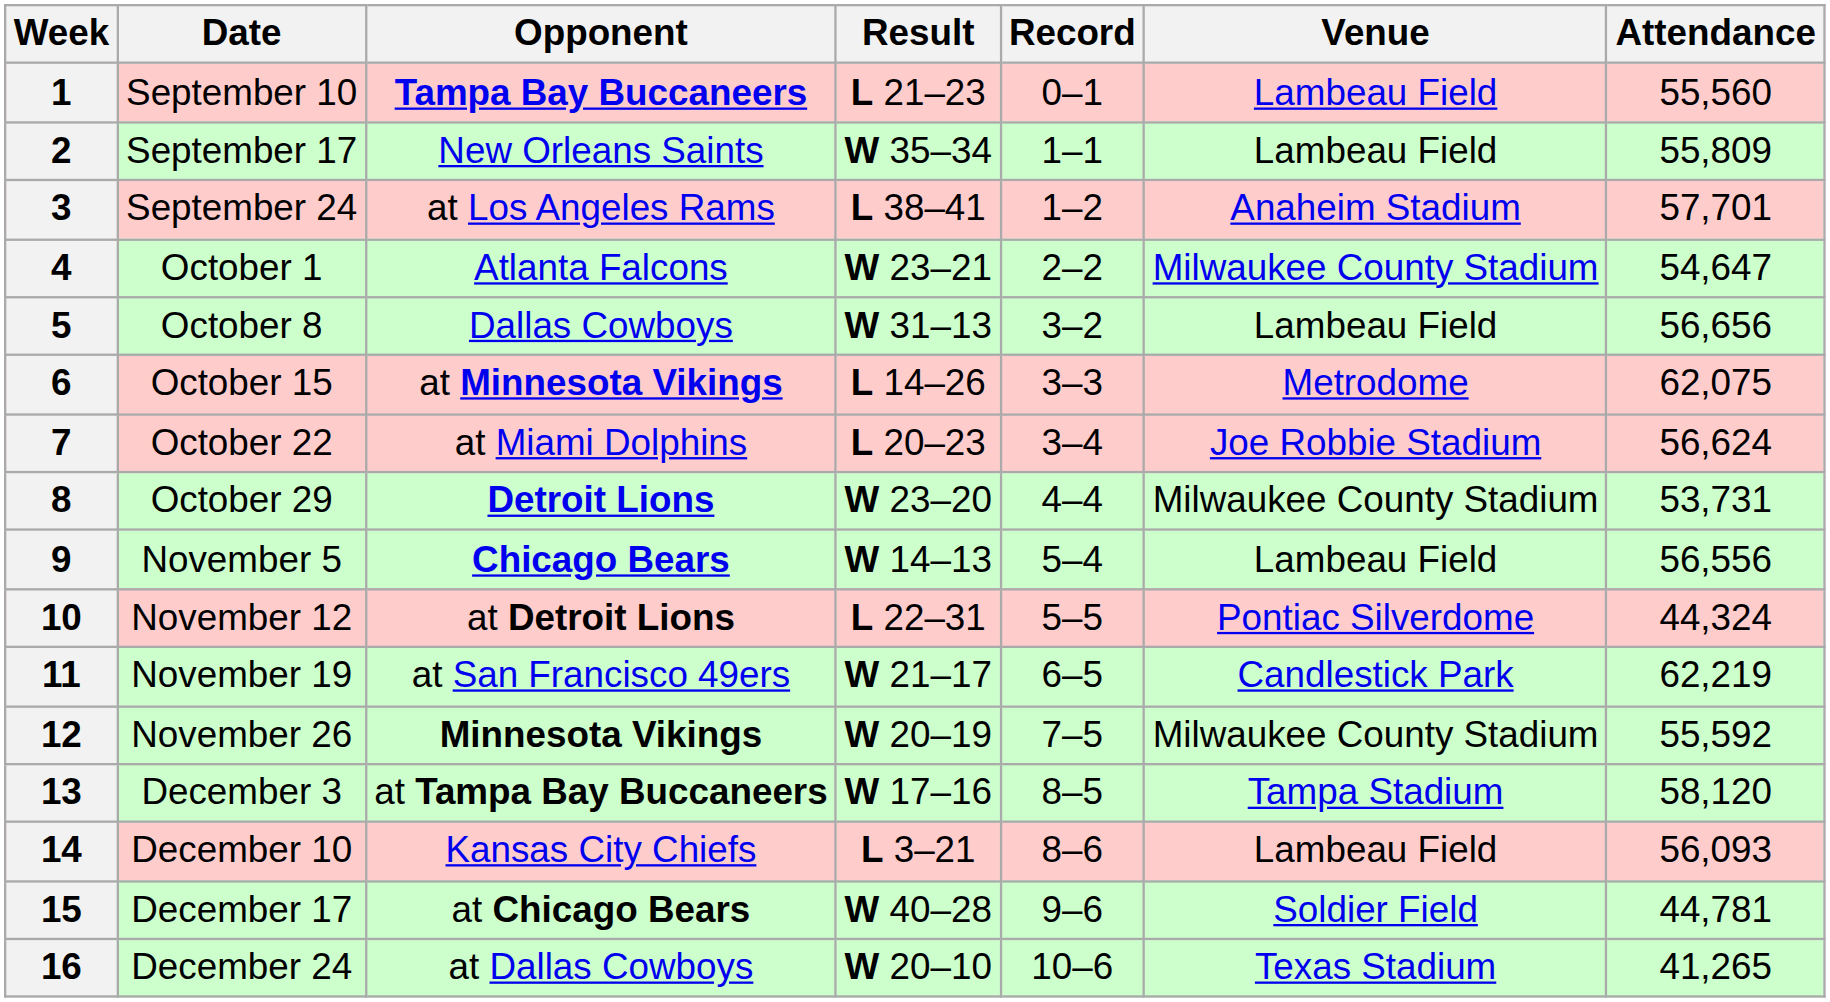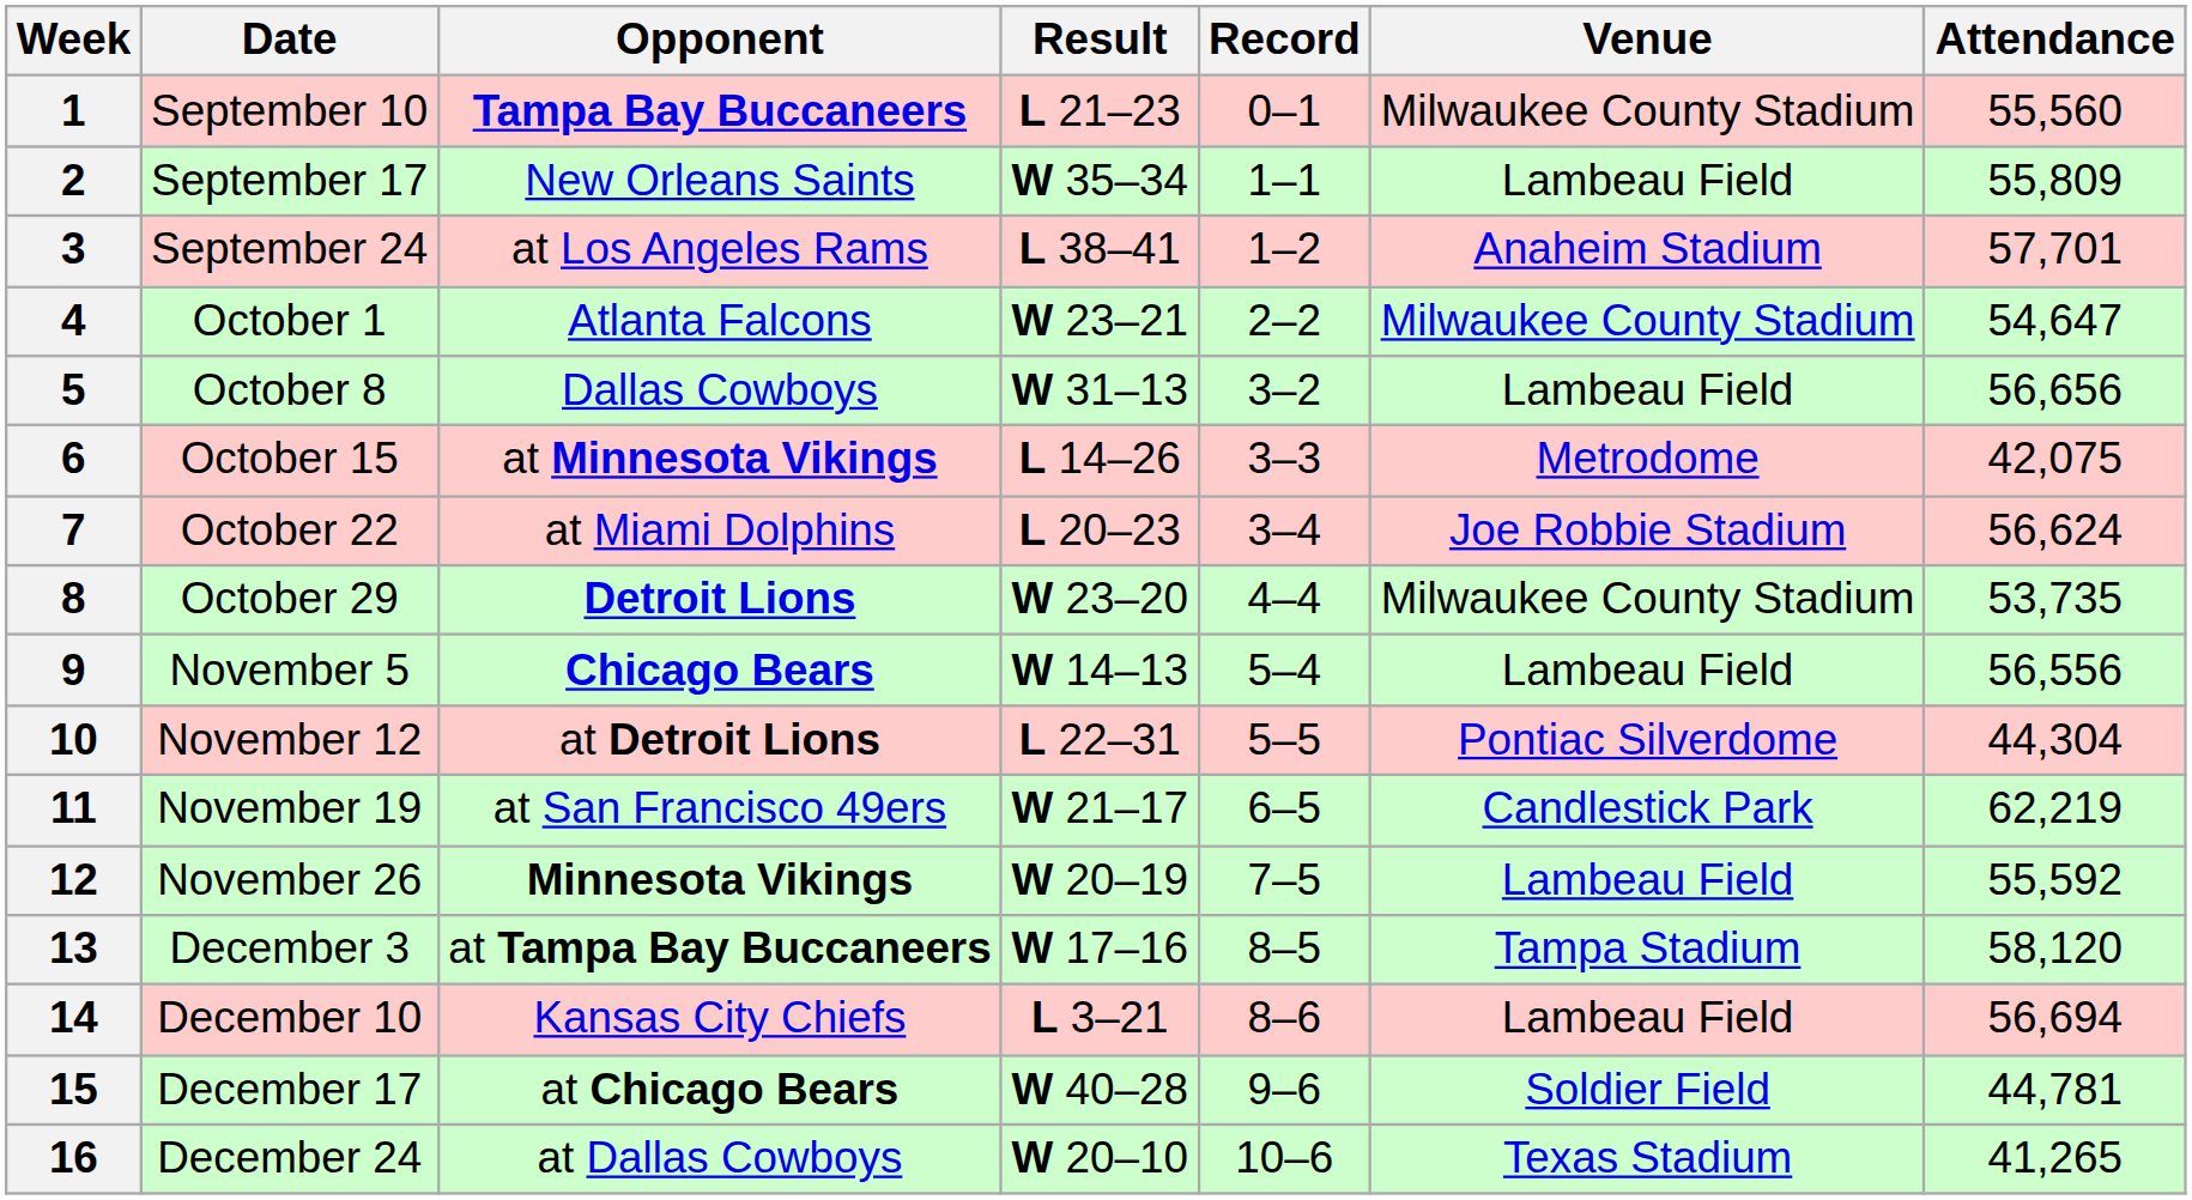 <table class="wikitable" style="text-align:center">
 <tr>
 <th>Week</th>
 <th>Date</th>
 <th>Opponent</th>
 <th>Result</th>
 <th>Record</th>
 <th>Venue</th>
 <th>Attendance</th>
 </tr>
 <tr style="background:#fcc">
 <th>1</th>
 <td>September 10</td>
 <td><strong><a href='#'>Tampa Bay Buccaneers</a></strong></td>
 <td><strong>L</strong> 21–23</td>
 <td>0–1</td>
-<td><a href='#'>Lambeau Field</a></td>
+<td>Milwaukee County Stadium</td>
 <td>55,560</td>
 </tr>
 <tr style="background:#cfc">
 <th>2</th>
 <td>September 17</td>
 <td><a href='#'>New Orleans Saints</a></td>
 <td><strong>W</strong> 35–34</td>
 <td>1–1</td>
 <td>Lambeau Field</td>
 <td>55,809</td>
 </tr>
 <tr style="background:#fcc">
 <th>3</th>
 <td>September 24</td>
 <td>at <a href='#'>Los Angeles Rams</a></td>
 <td><strong>L</strong> 38–41</td>
 <td>1–2</td>
 <td><a href='#'>Anaheim Stadium</a></td>
 <td>57,701</td>
 </tr>
 <tr style="background:#cfc">
 <th>4</th>
 <td>October 1</td>
 <td><a href='#'>Atlanta Falcons</a></td>
 <td><strong>W</strong> 23–21</td>
 <td>2–2</td>
 <td><a href='#'>Milwaukee County Stadium</a></td>
 <td>54,647</td>
 </tr>
 <tr style="background:#cfc">
 <th>5</th>
 <td>October 8</td>
 <td><a href='#'>Dallas Cowboys</a></td>
 <td><strong>W</strong> 31–13</td>
 <td>3–2</td>
 <td>Lambeau Field</td>
 <td>56,656</td>
 </tr>
 <tr style="background:#fcc">
 <th>6</th>
 <td>October 15</td>
 <td>at <strong><a href='#'>Minnesota Vikings</a></strong></td>
 <td><strong>L</strong> 14–26</td>
 <td>3–3</td>
 <td><a href='#'>Metrodome</a></td>
-<td>62,075</td>
+<td>42,075</td>
 </tr>
 <tr style="background:#fcc">
 <th>7</th>
 <td>October 22</td>
 <td>at <a href='#'>Miami Dolphins</a></td>
 <td><strong>L</strong> 20–23</td>
 <td>3–4</td>
 <td><a href='#'>Joe Robbie Stadium</a></td>
 <td>56,624</td>
 </tr>
 <tr style="background:#cfc">
 <th>8</th>
 <td>October 29</td>
 <td><strong><a href='#'>Detroit Lions</a></strong></td>
 <td><strong>W</strong> 23–20 </td>
 <td>4–4</td>
 <td>Milwaukee County Stadium</td>
-<td>53,731</td>
+<td>53,735</td>
 </tr>
 <tr style="background:#cfc">
 <th>9</th>
 <td>November 5</td>
 <td><strong><a href='#'>Chicago Bears</a></strong></td>
 <td><strong>W</strong> 14–13</td>
 <td>5–4</td>
 <td>Lambeau Field</td>
 <td>56,556</td>
 </tr>
 <tr style="background:#fcc">
 <th>10</th>
 <td>November 12</td>
 <td>at <strong>Detroit Lions</strong></td>
 <td><strong>L</strong> 22–31</td>
 <td>5–5</td>
 <td><a href='#'>Pontiac Silverdome</a></td>
-<td>44,324</td>
+<td>44,304</td>
 </tr>
 <tr style="background:#cfc">
 <th>11</th>
 <td>November 19</td>
 <td>at <a href='#'>San Francisco 49ers</a></td>
 <td><strong>W</strong> 21–17</td>
 <td>6–5</td>
 <td><a href='#'>Candlestick Park</a></td>
 <td>62,219</td>
 </tr>
 <tr style="background:#cfc">
 <th>12</th>
 <td>November 26</td>
 <td><strong>Minnesota Vikings</strong></td>
 <td><strong>W</strong> 20–19</td>
 <td>7–5</td>
-<td>Milwaukee County Stadium</td>
+<td><a href='#'>Lambeau Field</a></td>
 <td>55,592</td>
 </tr>
 <tr style="background:#cfc">
 <th>13</th>
 <td>December 3</td>
 <td>at <strong>Tampa Bay Buccaneers</strong></td>
 <td><strong>W</strong> 17–16</td>
 <td>8–5</td>
 <td><a href='#'>Tampa Stadium</a></td>
 <td>58,120</td>
 </tr>
 <tr style="background:#fcc">
 <th>14</th>
 <td>December 10</td>
 <td><a href='#'>Kansas City Chiefs</a></td>
 <td><strong>L</strong> 3–21</td>
 <td>8–6</td>
 <td>Lambeau Field</td>
-<td>56,093</td>
+<td>56,694</td>
 </tr>
 <tr style="background:#cfc">
 <th>15</th>
 <td>December 17</td>
 <td>at <strong>Chicago Bears</strong></td>
 <td><strong>W</strong> 40–28</td>
 <td>9–6</td>
 <td><a href='#'>Soldier Field</a></td>
 <td>44,781</td>
 </tr>
 <tr style="background:#cfc">
 <th>16</th>
 <td>December 24</td>
 <td>at <a href='#'>Dallas Cowboys</a></td>
 <td><strong>W</strong> 20–10</td>
 <td>10–6</td>
 <td><a href='#'>Texas Stadium</a></td>
 <td>41,265</td>
 </tr>
 </table>
